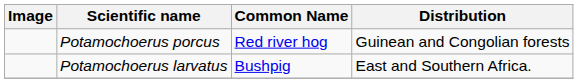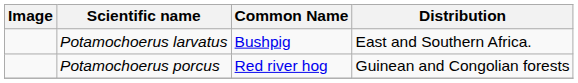 <table class="wikitable">
 <tr>
 <th>Image</th>
 <th>Scientific name</th>
 <th>Common Name</th>
 <th>Distribution</th>
 </tr>
 <tr>
 <td></td>
+<td><em>Potamochoerus larvatus</em> </td>
+<td><a href='#'>Bushpig</a></td>
+<td>East and Southern Africa.</td>
+</tr>
+<tr>
+<td></td>
 <td><em>Potamochoerus porcus</em> </td>
 <td><a href='#'>Red river hog</a></td>
 <td>Guinean and Congolian forests</td>
 </tr>
 <tr>
-<td></td>
-<td><em>Potamochoerus larvatus</em> </td>
-<td><a href='#'>Bushpig</a></td>
-<td>East and Southern Africa.</td>
-</tr>
-<tr>
 </tr>
 </table>
